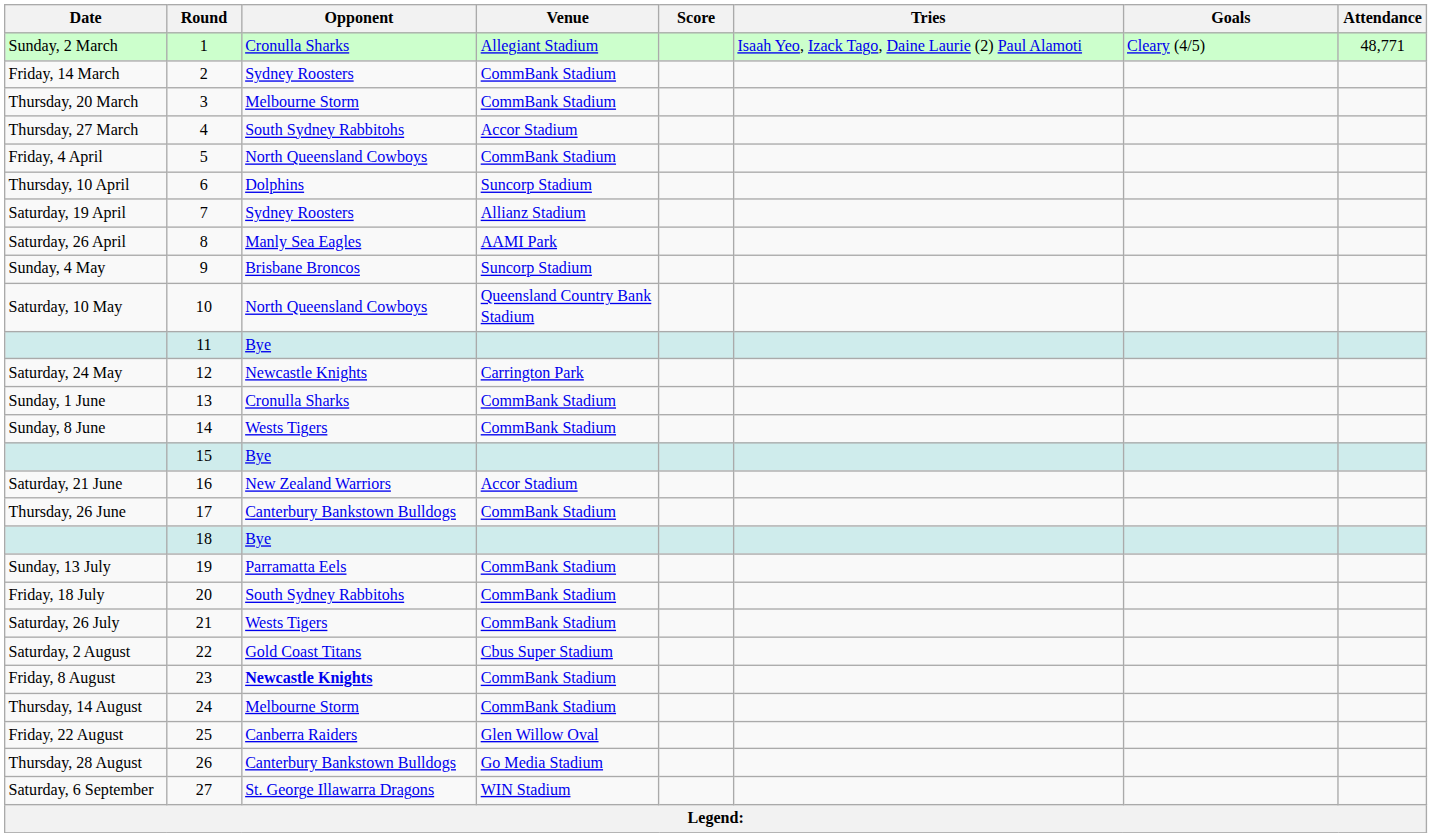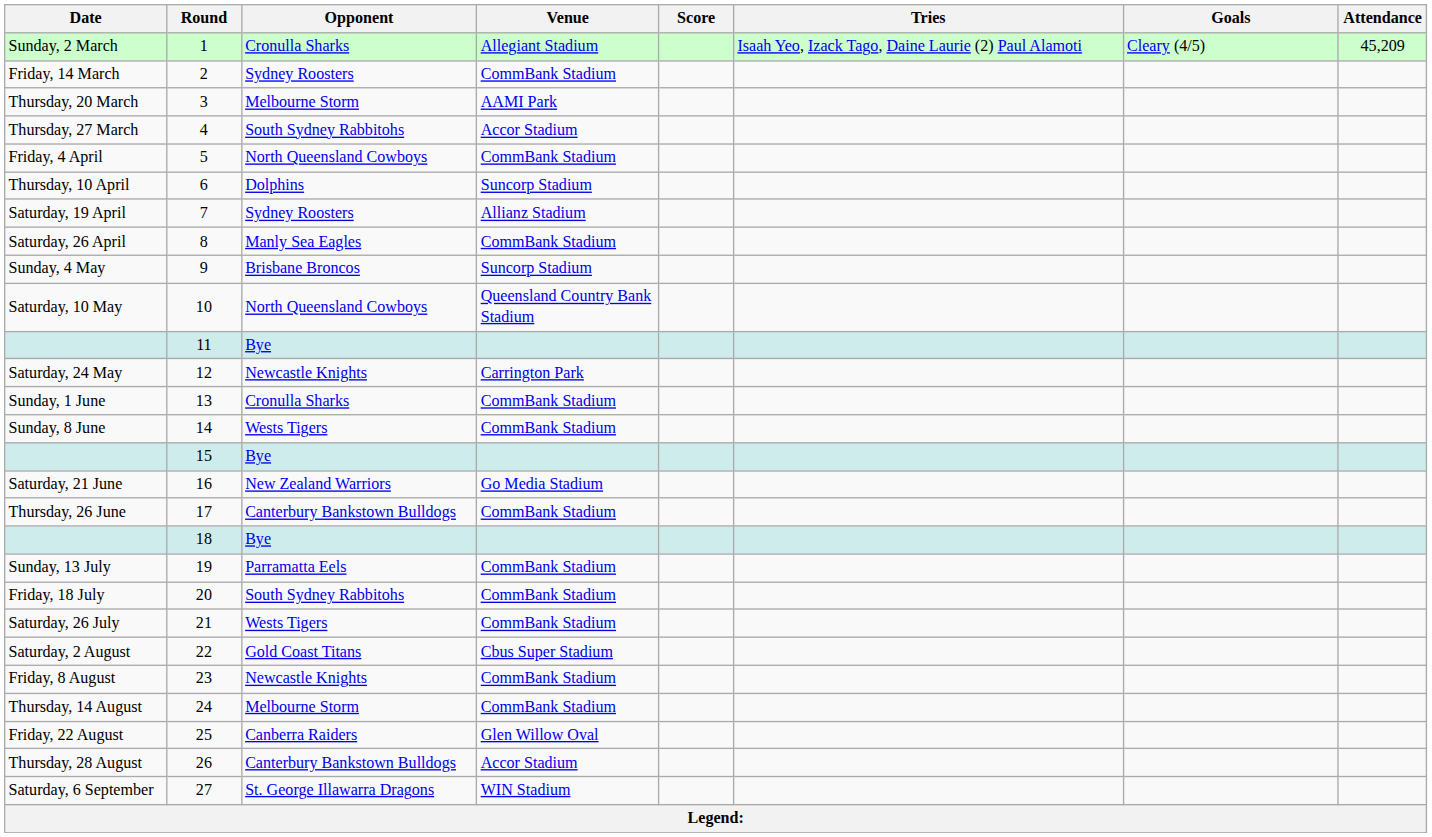 <table class="wikitable" style="font-size:75%;">
 <tr>
 <th style="width:115px;">Date</th>
 <th style="width:50px;">Round</th>
 <th style="width:170px;">Opponent</th>
 <th style="width:130px;">Venue</th>
 <th style="width:50px;">Score</th>
 <th style="width:285px;">Tries</th>
 <th style="width:155px;">Goals</th>
 <th style="width:60px;">Attendance</th>
 </tr>
 <tr style="background:#CCFFCC">
 <td>Sunday, 2 March</td>
 <td style="text-align:center;">1</td>
 <td> <a href='#'>Cronulla Sharks</a></td>
 <td><a href='#'>Allegiant Stadium</a></td>
 <td style="text-align:center;"></td>
 <td><a href='#'>Isaah Yeo</a>, <a href='#'>Izack Tago</a>, <a href='#'>Daine Laurie</a> (2) <a href='#'>Paul Alamoti</a></td>
 <td><a href='#'>Cleary</a> (4/5)</td>
-<td style="text-align:center;">48,771</td>
+<td style="text-align:center;">45,209</td>
 </tr>
 <tr style="background:">
 <td>Friday, 14 March</td>
 <td style="text-align:center;">2</td>
 <td> <a href='#'>Sydney Roosters</a></td>
 <td><a href='#'>CommBank Stadium</a></td>
 <td style="text-align:center;"></td>
 <td></td>
 <td></td>
 <td style="text-align:center;"></td>
 </tr>
 <tr style="background:">
 <td>Thursday, 20 March</td>
 <td style="text-align:center;">3</td>
 <td> <a href='#'>Melbourne Storm</a></td>
-<td><a href='#'>CommBank Stadium</a></td>
+<td><a href='#'>AAMI Park</a></td>
 <td style="text-align:center;"></td>
 <td></td>
 <td></td>
 <td style="text-align:center;"></td>
 </tr>
 <tr style="background:">
 <td>Thursday, 27 March</td>
 <td style="text-align:center;">4</td>
 <td> <a href='#'>South Sydney Rabbitohs</a></td>
 <td><a href='#'>Accor Stadium</a></td>
 <td style="text-align:center;"></td>
 <td></td>
 <td></td>
 <td style="text-align:center;"></td>
 </tr>
 <tr style="background:">
 <td>Friday, 4 April</td>
 <td style="text-align:center;">5</td>
 <td> <a href='#'>North Queensland Cowboys</a></td>
 <td><a href='#'>CommBank Stadium</a></td>
 <td style="text-align:center;"></td>
 <td></td>
 <td></td>
 <td style="text-align:center;"></td>
 </tr>
 <tr style="background:">
 <td>Thursday, 10 April</td>
 <td style="text-align:center;">6</td>
 <td> <a href='#'>Dolphins</a></td>
 <td><a href='#'>Suncorp Stadium</a></td>
 <td style="text-align:center;"></td>
 <td></td>
 <td></td>
 <td style="text-align:center;"></td>
 </tr>
 <tr style="background:">
 <td>Saturday, 19 April</td>
 <td style="text-align:center;">7</td>
 <td> <a href='#'>Sydney Roosters</a></td>
 <td><a href='#'>Allianz Stadium</a></td>
 <td style="text-align:center;"></td>
 <td></td>
 <td></td>
 <td style="text-align:center;"></td>
 </tr>
 <tr style="background:">
 <td>Saturday, 26 April</td>
 <td style="text-align:center;">8</td>
 <td> <a href='#'>Manly Sea Eagles</a></td>
-<td><a href='#'>AAMI Park</a></td>
+<td><a href='#'>CommBank Stadium</a></td>
 <td style="text-align:center;"></td>
 <td></td>
 <td></td>
 <td style="text-align:center;"></td>
 </tr>
 <tr style="background:">
 <td>Sunday, 4 May</td>
 <td style="text-align:center;">9</td>
 <td> <a href='#'>Brisbane Broncos</a></td>
 <td><a href='#'>Suncorp Stadium</a></td>
 <td style="text-align:center;"></td>
 <td></td>
 <td></td>
 <td style="text-align:center;"></td>
 </tr>
 <tr style="background:">
 <td>Saturday, 10 May</td>
 <td style="text-align:center;">10</td>
 <td> <a href='#'>North Queensland Cowboys</a></td>
 <td><a href='#'>Queensland Country Bank Stadium</a></td>
 <td style="text-align:center;"></td>
 <td></td>
 <td></td>
 <td style="text-align:center;"></td>
 </tr>
 <tr bgcolor= #CFECEC>
 <td></td>
 <td style="text-align:center;">11</td>
 <td><a href='#'>Bye</a></td>
 <td></td>
 <td></td>
 <td></td>
 <td></td>
 <td></td>
 </tr>
 <tr style="background:">
 <td>Saturday, 24 May</td>
 <td style="text-align:center;">12</td>
 <td> <a href='#'>Newcastle Knights</a></td>
 <td><a href='#'>Carrington Park</a></td>
 <td style="text-align:center;"></td>
 <td></td>
 <td></td>
 <td style="text-align:center;"></td>
 </tr>
 <tr style="background:">
 <td>Sunday, 1 June</td>
 <td style="text-align:center;">13</td>
 <td> <a href='#'>Cronulla Sharks</a></td>
 <td><a href='#'>CommBank Stadium</a></td>
 <td style="text-align:center;"></td>
 <td></td>
 <td></td>
 <td style="text-align:center;"></td>
 </tr>
 <tr style="background:">
 <td>Sunday, 8 June</td>
 <td style="text-align:center;">14</td>
 <td> <a href='#'>Wests Tigers</a></td>
 <td><a href='#'>CommBank Stadium</a></td>
 <td style="text-align:center;"></td>
 <td></td>
 <td></td>
 <td style="text-align:center;"></td>
 </tr>
 <tr bgcolor= #CFECEC>
 <td></td>
 <td style="text-align:center;">15</td>
 <td><a href='#'>Bye</a></td>
 <td></td>
 <td></td>
 <td></td>
 <td></td>
 <td></td>
 </tr>
 <tr style="background:">
 <td>Saturday, 21 June</td>
 <td style="text-align:center;">16</td>
 <td> <a href='#'>New Zealand Warriors</a></td>
-<td><a href='#'>Accor Stadium</a></td>
+<td><a href='#'>Go Media Stadium</a></td>
 <td style="text-align:center;"></td>
 <td></td>
 <td></td>
 <td style="text-align:center;"></td>
 </tr>
 <tr style="background:">
 <td>Thursday, 26 June</td>
 <td style="text-align:center;">17</td>
 <td> <a href='#'>Canterbury Bankstown Bulldogs</a></td>
 <td><a href='#'>CommBank Stadium</a></td>
 <td style="text-align:center;"></td>
 <td></td>
 <td></td>
 <td style="text-align:center;"></td>
 </tr>
 <tr bgcolor= #CFECEC>
 <td></td>
 <td style="text-align:center;">18</td>
 <td><a href='#'>Bye</a></td>
 <td></td>
 <td></td>
 <td></td>
 <td></td>
 <td></td>
 </tr>
 <tr style="background:">
 <td>Sunday, 13 July</td>
 <td style="text-align:center;">19</td>
 <td> <a href='#'>Parramatta Eels</a></td>
 <td><a href='#'>CommBank Stadium</a></td>
 <td style="text-align:center;"></td>
 <td></td>
 <td></td>
 <td style="text-align:center;"></td>
 </tr>
 <tr style="background:">
 <td>Friday, 18 July</td>
 <td style="text-align:center;">20</td>
 <td> <a href='#'>South Sydney Rabbitohs</a></td>
 <td><a href='#'>CommBank Stadium</a></td>
 <td style="text-align:center;"></td>
 <td></td>
 <td></td>
 <td style="text-align:center;"></td>
 </tr>
 <tr style="background:">
 <td>Saturday, 26 July</td>
 <td style="text-align:center;">21</td>
 <td> <a href='#'>Wests Tigers</a></td>
 <td><a href='#'>CommBank Stadium</a></td>
 <td style="text-align:center;"></td>
 <td></td>
 <td></td>
 <td style="text-align:center;"></td>
 </tr>
 <tr style="background:">
 <td>Saturday, 2 August</td>
 <td style="text-align:center;">22</td>
 <td> <a href='#'>Gold Coast Titans</a></td>
 <td><a href='#'>Cbus Super Stadium</a></td>
 <td style="text-align:center;"></td>
 <td></td>
 <td></td>
 <td style="text-align:center;"></td>
 </tr>
 <tr style="background:">
 <td>Friday, 8 August</td>
 <td style="text-align:center;">23</td>
-<td><strong> <a href='#'>Newcastle Knights</a></strong></td>
+<td> <a href='#'>Newcastle Knights</a></td>
 <td><a href='#'>CommBank Stadium</a></td>
 <td style="text-align:center;"></td>
 <td></td>
 <td></td>
 <td style="text-align:center;"></td>
 </tr>
 <tr style="background:">
 <td>Thursday, 14 August</td>
 <td style="text-align:center;">24</td>
 <td> <a href='#'>Melbourne Storm</a></td>
 <td><a href='#'>CommBank Stadium</a></td>
 <td style="text-align:center;"></td>
 <td></td>
 <td></td>
 <td style="text-align:center;"></td>
 </tr>
 <tr style="background:">
 <td>Friday, 22 August</td>
 <td style="text-align:center;">25</td>
 <td> <a href='#'>Canberra Raiders</a></td>
 <td><a href='#'>Glen Willow Oval</a></td>
 <td style="text-align:center;"></td>
 <td></td>
 <td></td>
 <td style="text-align:center;"></td>
 </tr>
 <tr style="background:">
 <td>Thursday, 28 August</td>
 <td style="text-align:center;">26</td>
 <td> <a href='#'>Canterbury Bankstown Bulldogs</a></td>
-<td><a href='#'>Go Media Stadium</a></td>
+<td><a href='#'>Accor Stadium</a></td>
 <td style="text-align:center;"></td>
 <td></td>
 <td></td>
 <td style="text-align:center;"></td>
 </tr>
 <tr style="background:">
 <td>Saturday, 6 September</td>
 <td style="text-align:center;">27</td>
 <td> <a href='#'>St. George Illawarra Dragons</a></td>
 <td><a href='#'>WIN Stadium</a></td>
 <td style="text-align:center;"></td>
 <td></td>
 <td></td>
 <td style="text-align:center;"></td>
 </tr>
 <tr>
 <th colspan="9">Legend:    </th>
 </tr>
 </table>
